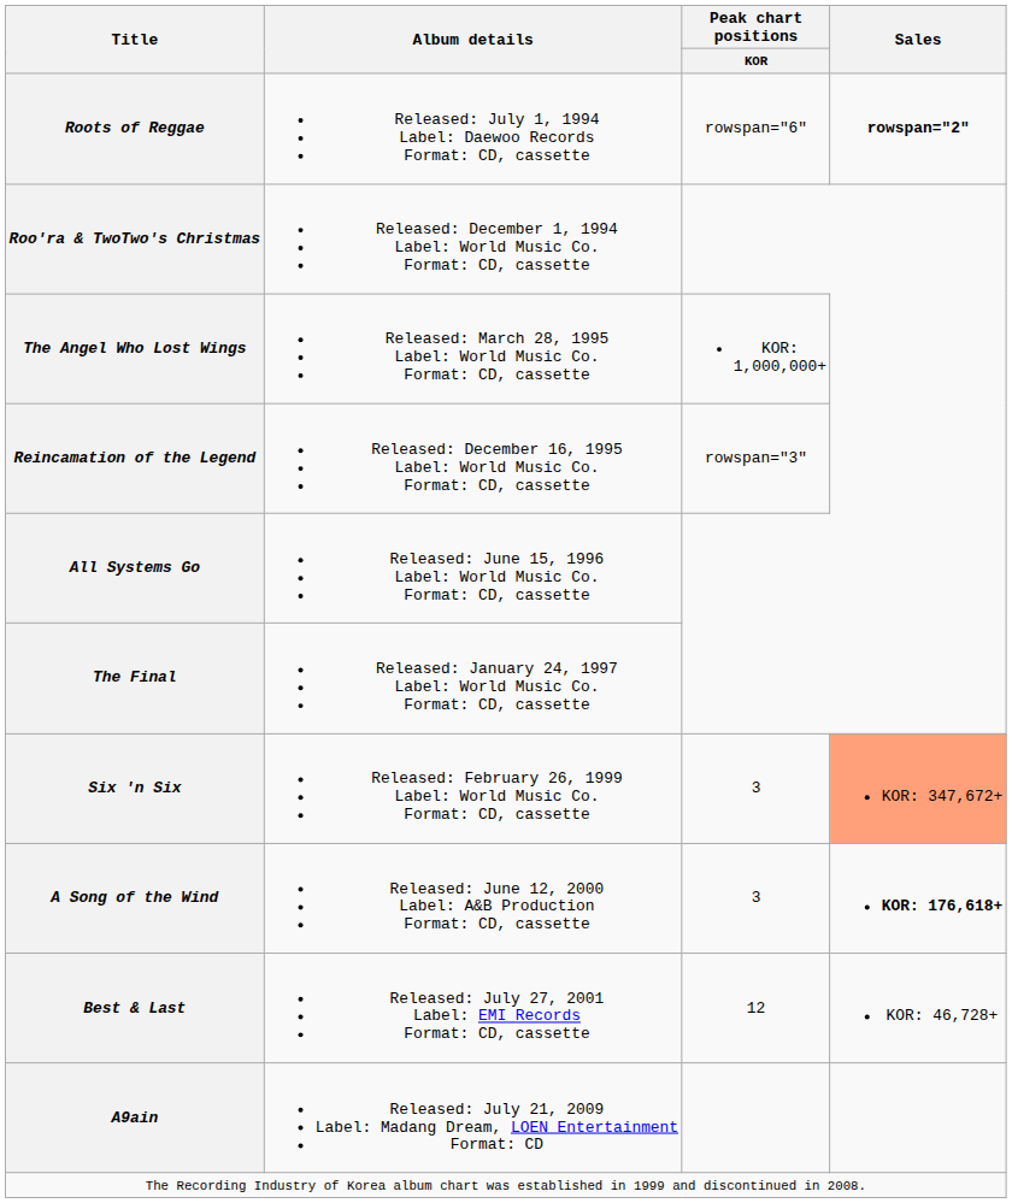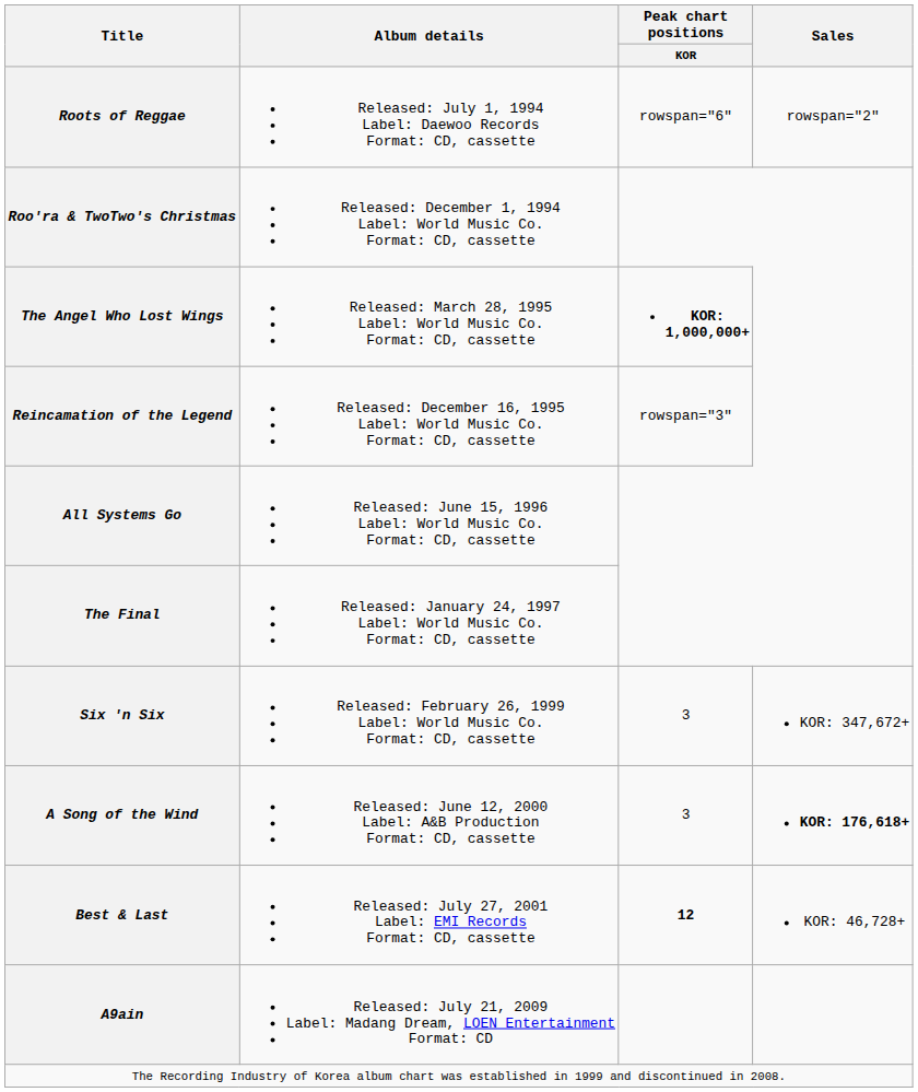 <table class="wikitable plainrowheaders" style="text-align:center;">
 <tr>
 <th scope="col" rowspan="2">Title</th>
 <th scope="col" rowspan="2">Album details</th>
 <th scope="col" colspan="1" style="width:5em;">Peak chart positions</th>
 <th scope="col" rowspan="2">Sales</th>
 </tr>
 <tr>
 <th><small>KOR</small><br></th>
 </tr>
 <tr>
 <th scope="row"><em>Roots of Reggae</em></th>
 <td><br><ul><li>Released: July 1, 1994</li><li>Label: Daewoo Records</li><li>Format: CD, cassette</li></ul></td>
 <td>rowspan="6" </td>
-<td><strong>rowspan="2" </strong></td>
+<td>rowspan="2" </td>
 </tr>
 <tr>
 <th scope="row"><em>Roo'ra & TwoTwo's Christmas</em></th>
 <td><br><ul><li>Released: December 1, 1994</li><li>Label: World Music Co.</li><li>Format: CD, cassette</li></ul></td>
 </tr>
 <tr>
 <th scope="row"><em>The Angel Who Lost Wings</em></th>
 <td><br><ul><li>Released: March 28, 1995</li><li>Label: World Music Co.</li><li>Format: CD, cassette</li></ul></td>
-<td><br><ul><li>KOR: 1,000,000+</li></ul></td>
+<td><strong><br><ul><li>KOR: 1,000,000+</li></ul></strong></td>
 </tr>
 <tr>
 <th scope="row"><em>Reincamation of the Legend</em></th>
 <td><br><ul><li>Released: December 16, 1995</li><li>Label: World Music Co.</li><li>Format: CD, cassette</li></ul></td>
 <td>rowspan="3" </td>
 </tr>
 <tr>
 <th scope="row"><em>All Systems Go</em></th>
 <td><br><ul><li>Released: June 15, 1996</li><li>Label: World Music Co.</li><li>Format: CD, cassette</li></ul></td>
 </tr>
 <tr>
 <th scope="row"><em>The Final</em></th>
 <td><br><ul><li>Released: January 24, 1997</li><li>Label: World Music Co.</li><li>Format: CD, cassette</li></ul></td>
 </tr>
 <tr>
 <th scope="row"><em>Six 'n Six</em></th>
 <td><br><ul><li>Released: February 26, 1999</li><li>Label: World Music Co.</li><li>Format: CD, cassette</li></ul></td>
 <td>3</td>
-<td style="background: lightsalmon;"><br><ul><li>KOR: 347,672+</li></ul></td>
+<td><br><ul><li>KOR: 347,672+</li></ul></td>
 </tr>
 <tr>
 <th scope="row"><em>A Song of the Wind</em></th>
 <td><br><ul><li>Released: June 12, 2000</li><li>Label: A&B Production</li><li>Format: CD, cassette</li></ul></td>
 <td>3</td>
 <td><strong><br><ul><li>KOR: 176,618+</li></ul></strong></td>
 </tr>
 <tr>
 <th scope="row"><em>Best & Last</em></th>
 <td><br><ul><li>Released: July 27, 2001</li><li>Label: <a href='#'>EMI Records</a></li><li>Format: CD, cassette</li></ul></td>
-<td>12</td>
+<td><strong>12</strong></td>
 <td><br><ul><li>KOR: 46,728+</li></ul></td>
 </tr>
 <tr>
 <th scope="row"><em>A9ain</em></th>
 <td><br><ul><li>Released: July 21, 2009</li><li>Label: Madang Dream, <a href='#'>LOEN Entertainment</a></li><li>Format: CD</li></ul></td>
 <td></td>
 <td></td>
 </tr>
 <tr>
 <td colspan="4" align="center"><small>The Recording Industry of Korea album chart was established in 1999 and discontinued in 2008.</small></td>
 </tr>
 </table>
